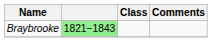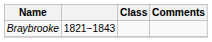 <table class="wikitable">
 <tr>
 <th>Name</th>
 <th></th>
 <th>Class</th>
 <th>Comments</th>
 </tr>
 <tr>
 <td><em>Braybrooke</em></td>
-<td style="background: lightgreen;">1821−1843</td>
+<td>1821−1843</td>
 <td></td>
 <td></td>
 </tr>
 <tr>
 </tr>
 </table>
